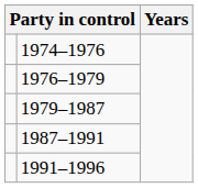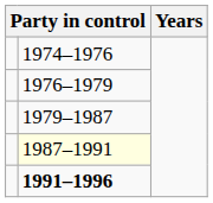 <table class="wikitable">
 <tr>
 <th colspan="2">Party in control</th>
 <th>Years</th>
 </tr>
 <tr>
 <td></td>
 <td>1974–1976</td>
 </tr>
 <tr>
 <td></td>
 <td>1976–1979</td>
 </tr>
 <tr>
 <td></td>
 <td>1979–1987</td>
 </tr>
 <tr>
 <td></td>
-<td>1987–1991</td>
+<td style="background: lightyellow;">1987–1991</td>
 </tr>
 <tr>
 <td></td>
-<td>1991–1996</td>
+<td><strong>1991–1996</strong></td>
 </tr>
 </table>
